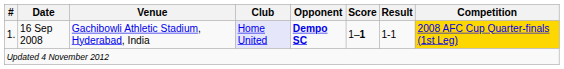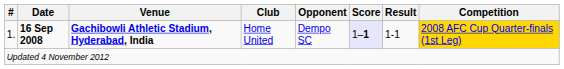 <table class="wikitable">
 <tr>
 <th>#</th>
 <th>Date</th>
 <th>Venue</th>
 <th>Club</th>
 <th>Opponent</th>
 <th>Score</th>
 <th>Result</th>
 <th>Competition</th>
 </tr>
 <tr>
 <td>1.</td>
-<td>16 Sep 2008</td>
-<td><a href='#'>Gachibowli Athletic Stadium</a>, <a href='#'>Hyderabad</a>, India</td>
-<td style="background: lavender;"><a href='#'>Home United</a></td>
-<td><strong> <a href='#'>Dempo SC</a></strong></td>
-<td>1–<strong>1</strong></td>
+<td><strong>16 Sep 2008</strong></td>
+<td><strong><a href='#'>Gachibowli Athletic Stadium</a>, <a href='#'>Hyderabad</a>, India</strong></td>
+<td><a href='#'>Home United</a></td>
+<td> <a href='#'>Dempo SC</a></td>
+<td style="background: lavender;">1–<strong>1</strong></td>
 <td>1-1</td>
 <td style="background: gold;"><a href='#'>2008 AFC Cup Quarter-finals (1st Leg)</a></td>
 </tr>
 <tr>
 <td colspan="12"><small><em>Updated 4 November 2012</em></small></td>
 </tr>
 </table>
